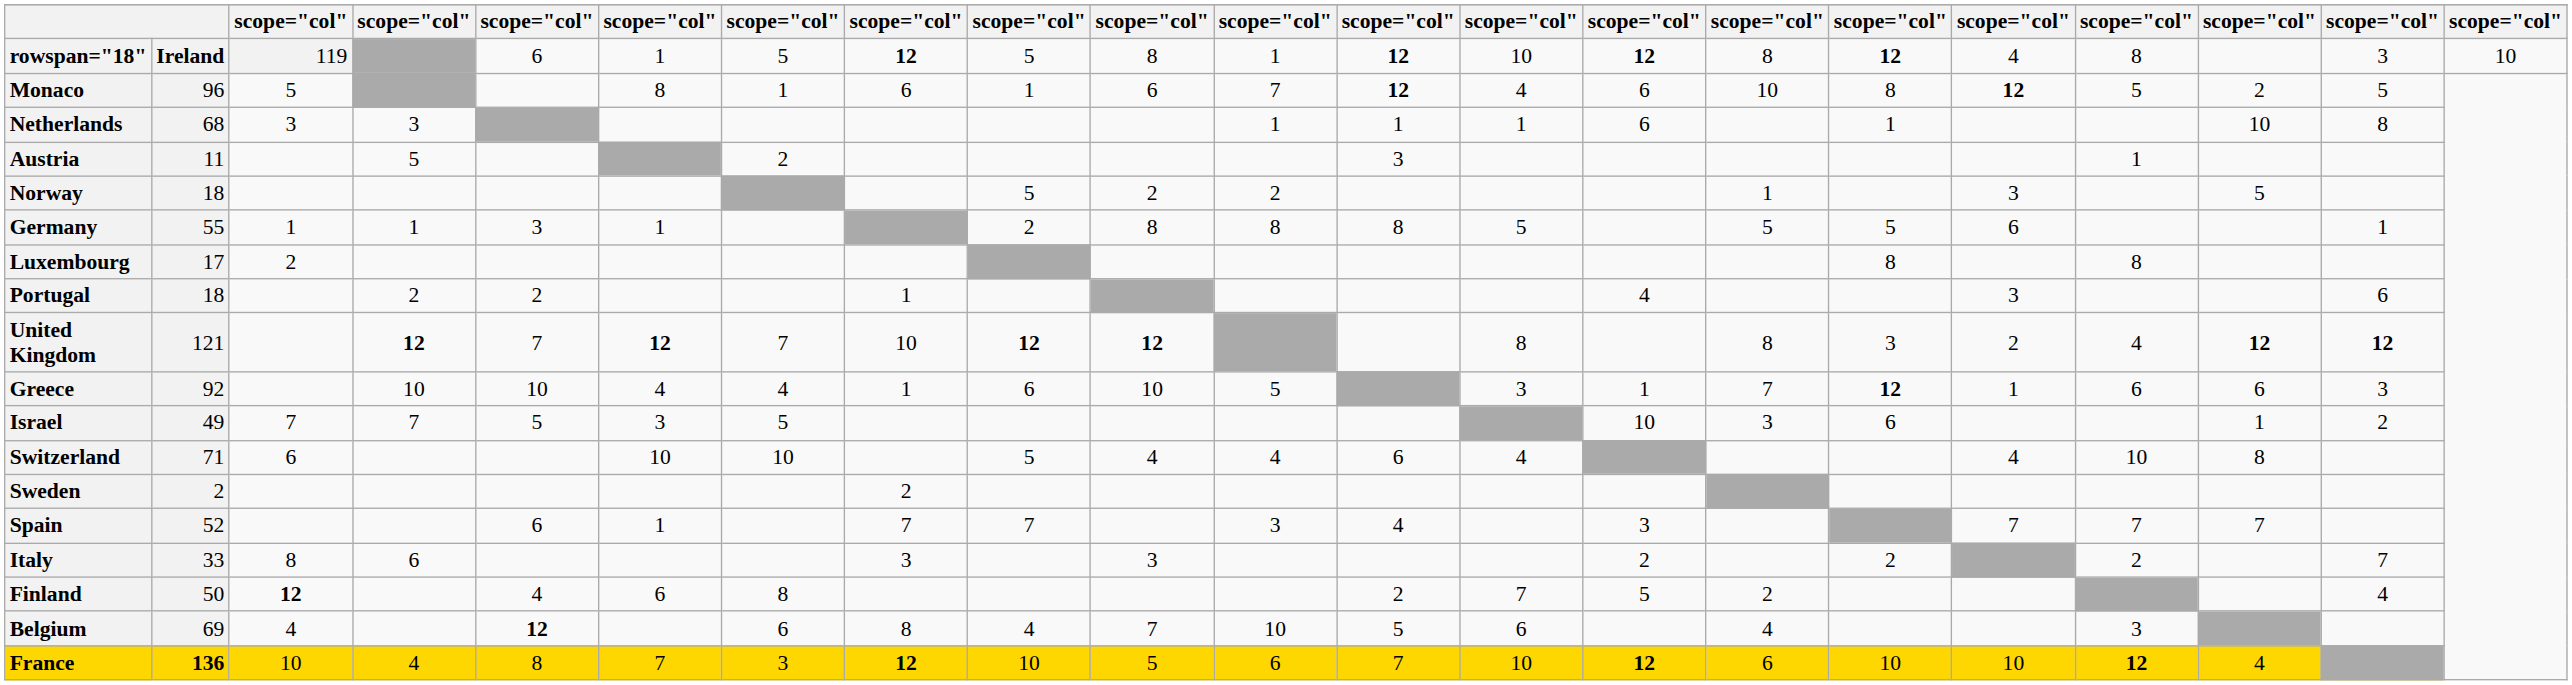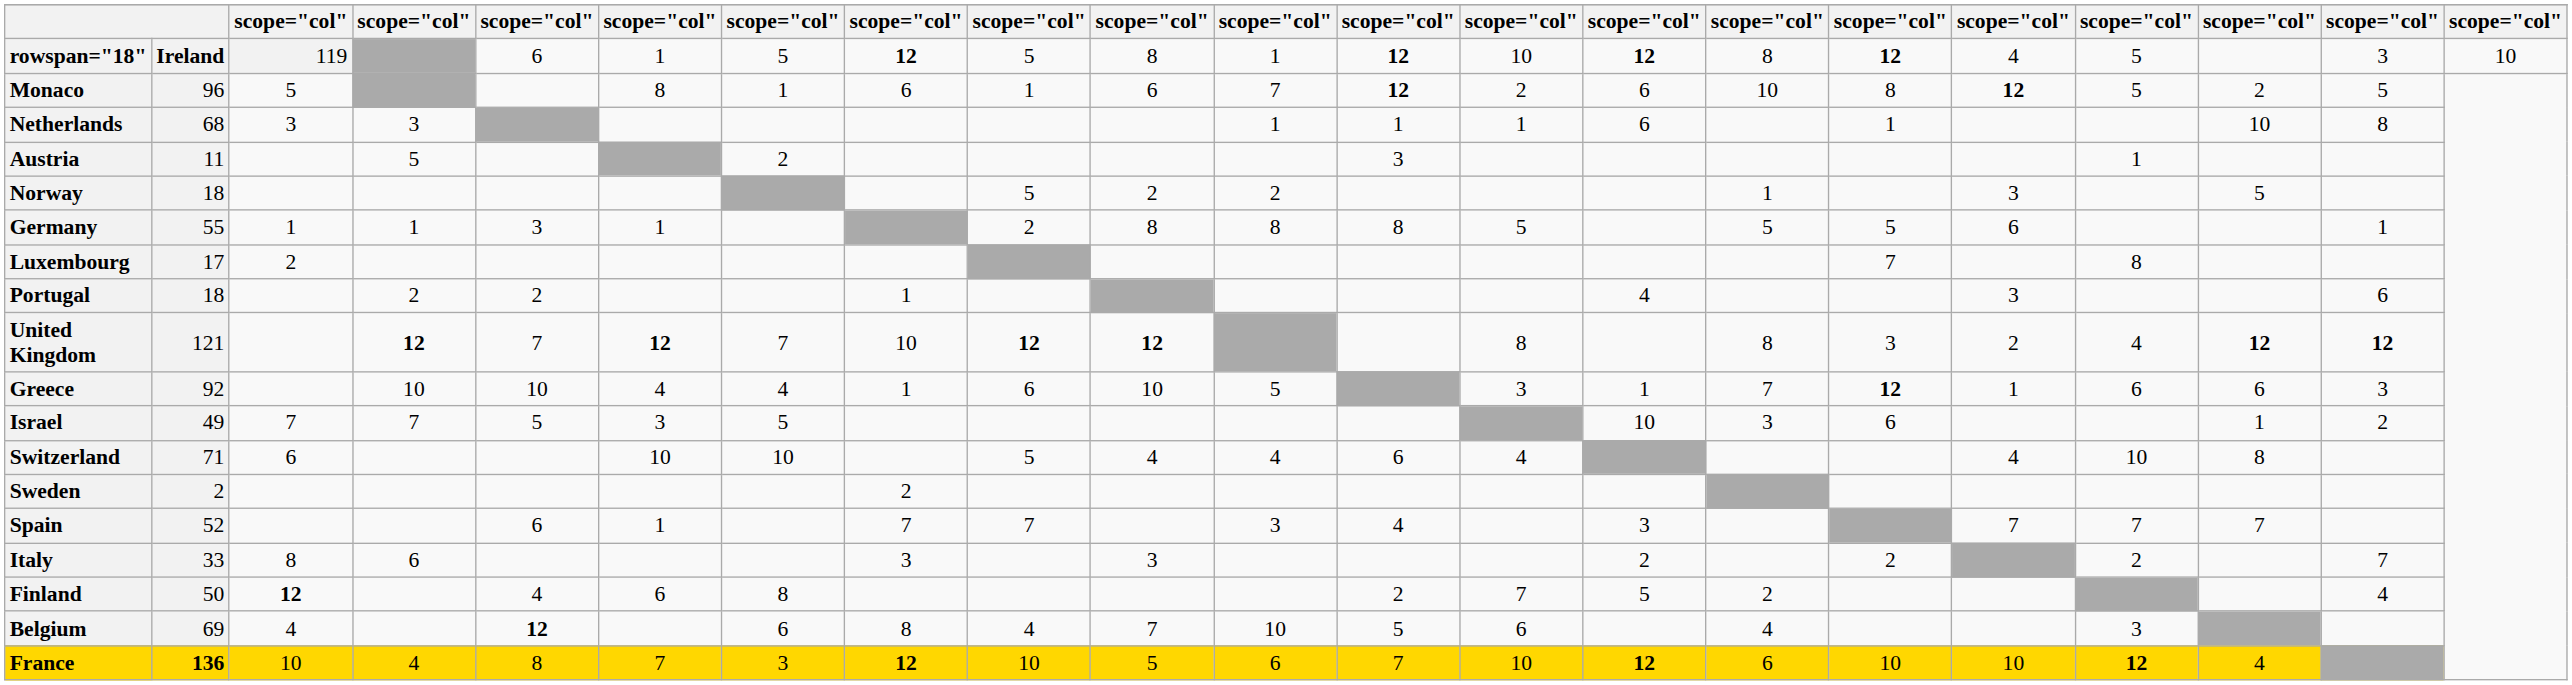 <table class="wikitable plainrowheaders" style="text-align:center;">
 <tr>
 </tr>
 <tr>
 <th colspan="2"></th>
 <th>scope="col" </th>
 <th>scope="col" </th>
 <th>scope="col" </th>
 <th>scope="col" </th>
 <th>scope="col" </th>
 <th>scope="col" </th>
 <th>scope="col" </th>
 <th>scope="col" </th>
 <th>scope="col" </th>
 <th>scope="col" </th>
 <th>scope="col" </th>
 <th>scope="col" </th>
 <th>scope="col" </th>
 <th>scope="col" </th>
 <th>scope="col" </th>
 <th>scope="col" </th>
 <th>scope="col" </th>
 <th>scope="col" </th>
 <th>scope="col" </th>
 </tr>
 <tr>
 <th>rowspan="18" </th>
 <th scope="row" style="text-align:left; background:#f2f2f2;">Ireland</th>
 <td style="text-align:right; background:#f2f2f2;">119</td>
 <td style="text-align:left; background:#aaa;"></td>
 <td>6</td>
 <td>1</td>
 <td>5</td>
 <td><strong>12</strong></td>
 <td>5</td>
 <td>8</td>
 <td>1</td>
 <td><strong>12</strong></td>
 <td>10</td>
 <td><strong>12</strong></td>
 <td>8</td>
 <td><strong>12</strong></td>
 <td>4</td>
-<td>8</td>
+<td>5</td>
 <td></td>
 <td>3</td>
 <td>10</td>
 </tr>
 <tr>
 <th scope="row" style="text-align:left; background:#f2f2f2;">Monaco</th>
 <td style="text-align:right; background:#f2f2f2;">96</td>
 <td>5</td>
 <td style="text-align:left; background:#aaa;"></td>
 <td></td>
 <td>8</td>
 <td>1</td>
 <td>6</td>
 <td>1</td>
 <td>6</td>
 <td>7</td>
 <td><strong>12</strong></td>
-<td>4</td>
+<td>2</td>
 <td>6</td>
 <td>10</td>
 <td>8</td>
 <td><strong>12</strong></td>
 <td>5</td>
 <td>2</td>
 <td>5</td>
 </tr>
 <tr>
 <th scope="row" style="text-align:left; background:#f2f2f2;">Netherlands</th>
 <td style="text-align:right; background:#f2f2f2;">68</td>
 <td>3</td>
 <td>3</td>
 <td style="text-align:left; background:#aaa;"></td>
 <td></td>
 <td></td>
 <td></td>
 <td></td>
 <td></td>
 <td>1</td>
 <td>1</td>
 <td>1</td>
 <td>6</td>
 <td></td>
 <td>1</td>
 <td></td>
 <td></td>
 <td>10</td>
 <td>8</td>
 </tr>
 <tr>
 <th scope="row" style="text-align:left; background:#f2f2f2;">Austria</th>
 <td style="text-align:right; background:#f2f2f2;">11</td>
 <td></td>
 <td>5</td>
 <td></td>
 <td style="text-align:left; background:#aaa;"></td>
 <td>2</td>
 <td></td>
 <td></td>
 <td></td>
 <td></td>
 <td>3</td>
 <td></td>
 <td></td>
 <td></td>
 <td></td>
 <td></td>
 <td>1</td>
 <td></td>
 <td></td>
 </tr>
 <tr>
 <th scope="row" style="text-align:left; background:#f2f2f2;">Norway</th>
 <td style="text-align:right; background:#f2f2f2;">18</td>
 <td></td>
 <td></td>
 <td></td>
 <td></td>
 <td style="text-align:left; background:#aaa;"></td>
 <td></td>
 <td>5</td>
 <td>2</td>
 <td>2</td>
 <td></td>
 <td></td>
 <td></td>
 <td>1</td>
 <td></td>
 <td>3</td>
 <td></td>
 <td>5</td>
 <td></td>
 </tr>
 <tr>
 <th scope="row" style="text-align:left; background:#f2f2f2;">Germany</th>
 <td style="text-align:right; background:#f2f2f2;">55</td>
 <td>1</td>
 <td>1</td>
 <td>3</td>
 <td>1</td>
 <td></td>
 <td style="text-align:left; background:#aaa;"></td>
 <td>2</td>
 <td>8</td>
 <td>8</td>
 <td>8</td>
 <td>5</td>
 <td></td>
 <td>5</td>
 <td>5</td>
 <td>6</td>
 <td></td>
 <td></td>
 <td>1</td>
 </tr>
 <tr>
 <th scope="row" style="text-align:left; background:#f2f2f2;">Luxembourg</th>
 <td style="text-align:right; background:#f2f2f2;">17</td>
 <td>2</td>
 <td></td>
 <td></td>
 <td></td>
 <td></td>
 <td></td>
 <td style="text-align:left; background:#aaa;"></td>
 <td></td>
 <td></td>
 <td></td>
 <td></td>
 <td></td>
 <td></td>
-<td>8</td>
+<td>7</td>
 <td></td>
 <td>8</td>
 <td></td>
 <td></td>
 </tr>
 <tr>
 <th scope="row" style="text-align:left; background:#f2f2f2;">Portugal</th>
 <td style="text-align:right; background:#f2f2f2;">18</td>
 <td></td>
 <td>2</td>
 <td>2</td>
 <td></td>
 <td></td>
 <td>1</td>
 <td></td>
 <td style="text-align:left; background:#aaa;"></td>
 <td></td>
 <td></td>
 <td></td>
 <td>4</td>
 <td></td>
 <td></td>
 <td>3</td>
 <td></td>
 <td></td>
 <td>6</td>
 </tr>
 <tr>
 <th scope="row" style="text-align:left; background:#f2f2f2;">United Kingdom</th>
 <td style="text-align:right; background:#f2f2f2;">121</td>
 <td></td>
 <td><strong>12</strong></td>
 <td>7</td>
 <td><strong>12</strong></td>
 <td>7</td>
 <td>10</td>
 <td><strong>12</strong></td>
 <td><strong>12</strong></td>
 <td style="text-align:left; background:#aaa;"></td>
 <td></td>
 <td>8</td>
 <td></td>
 <td>8</td>
 <td>3</td>
 <td>2</td>
 <td>4</td>
 <td><strong>12</strong></td>
 <td><strong>12</strong></td>
 </tr>
 <tr>
 <th scope="row" style="text-align:left; background:#f2f2f2;">Greece</th>
 <td style="text-align:right; background:#f2f2f2;">92</td>
 <td></td>
 <td>10</td>
 <td>10</td>
 <td>4</td>
 <td>4</td>
 <td>1</td>
 <td>6</td>
 <td>10</td>
 <td>5</td>
 <td style="text-align:left; background:#aaa;"></td>
 <td>3</td>
 <td>1</td>
 <td>7</td>
 <td><strong>12</strong></td>
 <td>1</td>
 <td>6</td>
 <td>6</td>
 <td>3</td>
 </tr>
 <tr>
 <th scope="row" style="text-align:left; background:#f2f2f2;">Israel</th>
 <td style="text-align:right; background:#f2f2f2;">49</td>
 <td>7</td>
 <td>7</td>
 <td>5</td>
 <td>3</td>
 <td>5</td>
 <td></td>
 <td></td>
 <td></td>
 <td></td>
 <td></td>
 <td style="text-align:left; background:#aaa;"></td>
 <td>10</td>
 <td>3</td>
 <td>6</td>
 <td></td>
 <td></td>
 <td>1</td>
 <td>2</td>
 </tr>
 <tr>
 <th scope="row" style="text-align:left; background:#f2f2f2;">Switzerland</th>
 <td style="text-align:right; background:#f2f2f2;">71</td>
 <td>6</td>
 <td></td>
 <td></td>
 <td>10</td>
 <td>10</td>
 <td></td>
 <td>5</td>
 <td>4</td>
 <td>4</td>
 <td>6</td>
 <td>4</td>
 <td style="text-align:left; background:#aaa;"></td>
 <td></td>
 <td></td>
 <td>4</td>
 <td>10</td>
 <td>8</td>
 <td></td>
 </tr>
 <tr>
 <th scope="row" style="text-align:left; background:#f2f2f2;">Sweden</th>
 <td style="text-align:right; background:#f2f2f2;">2</td>
 <td></td>
 <td></td>
 <td></td>
 <td></td>
 <td></td>
 <td>2</td>
 <td></td>
 <td></td>
 <td></td>
 <td></td>
 <td></td>
 <td></td>
 <td style="text-align:left; background:#aaa;"></td>
 <td></td>
 <td></td>
 <td></td>
 <td></td>
 <td></td>
 </tr>
 <tr>
 <th scope="row" style="text-align:left; background:#f2f2f2;">Spain</th>
 <td style="text-align:right; background:#f2f2f2;">52</td>
 <td></td>
 <td></td>
 <td>6</td>
 <td>1</td>
 <td></td>
 <td>7</td>
 <td>7</td>
 <td></td>
 <td>3</td>
 <td>4</td>
 <td></td>
 <td>3</td>
 <td></td>
 <td style="text-align:left; background:#aaa;"></td>
 <td>7</td>
 <td>7</td>
 <td>7</td>
 <td></td>
 </tr>
 <tr>
 <th scope="row" style="text-align:left; background:#f2f2f2;">Italy</th>
 <td style="text-align:right; background:#f2f2f2;">33</td>
 <td>8</td>
 <td>6</td>
 <td></td>
 <td></td>
 <td></td>
 <td>3</td>
 <td></td>
 <td>3</td>
 <td></td>
 <td></td>
 <td></td>
 <td>2</td>
 <td></td>
 <td>2</td>
 <td style="text-align:left; background:#aaa;"></td>
 <td>2</td>
 <td></td>
 <td>7</td>
 </tr>
 <tr>
 <th scope="row" style="text-align:left; background:#f2f2f2;">Finland</th>
 <td style="text-align:right; background:#f2f2f2;">50</td>
 <td><strong>12</strong></td>
 <td></td>
 <td>4</td>
 <td>6</td>
 <td>8</td>
 <td></td>
 <td></td>
 <td></td>
 <td></td>
 <td>2</td>
 <td>7</td>
 <td>5</td>
 <td>2</td>
 <td></td>
 <td></td>
 <td style="text-align:left; background:#aaa;"></td>
 <td></td>
 <td>4</td>
 </tr>
 <tr>
 <th scope="row" style="text-align:left; background:#f2f2f2;">Belgium</th>
 <td style="text-align:right; background:#f2f2f2;">69</td>
 <td>4</td>
 <td></td>
 <td><strong>12</strong></td>
 <td></td>
 <td>6</td>
 <td>8</td>
 <td>4</td>
 <td>7</td>
 <td>10</td>
 <td>5</td>
 <td>6</td>
 <td></td>
 <td>4</td>
 <td></td>
 <td></td>
 <td>3</td>
 <td style="text-align:left; background:#aaa;"></td>
 <td></td>
 </tr>
 <tr style="background:gold;">
 <th scope="row" style="text-align:left; font-weight:bold; background:gold;">France</th>
 <td style="text-align:right; font-weight:bold;">136</td>
 <td>10</td>
 <td>4</td>
 <td>8</td>
 <td>7</td>
 <td>3</td>
 <td><strong>12</strong></td>
 <td>10</td>
 <td>5</td>
 <td>6</td>
 <td>7</td>
 <td>10</td>
 <td><strong>12</strong></td>
 <td>6</td>
 <td>10</td>
 <td>10</td>
 <td><strong>12</strong></td>
 <td>4</td>
 <td style="text-align:left; background:#aaa;"></td>
 </tr>
 </table>
